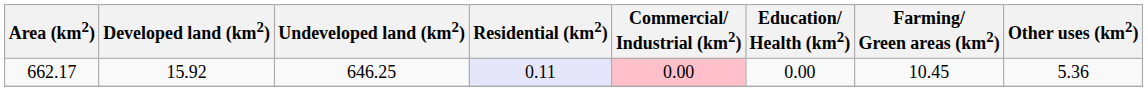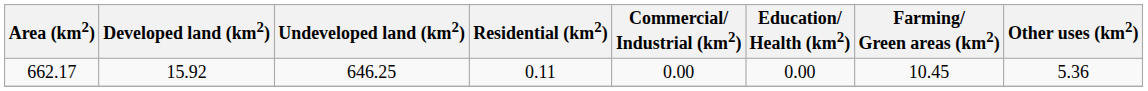 <table class="wikitable" style="text-align: center;">
 <tr>
 <th>Area (km<sup>2</sup>)</th>
 <th>Developed land (km<sup>2</sup>)</th>
 <th>Undeveloped land (km<sup>2</sup>)</th>
 <th>Residential (km<sup>2</sup>)</th>
 <th>Commercial/<br> Industrial (km<sup>2</sup>)</th>
 <th>Education/<br> Health (km<sup>2</sup>)</th>
 <th>Farming/<br> Green areas (km<sup>2</sup>)</th>
 <th>Other uses (km<sup>2</sup>)</th>
 </tr>
 <tr>
 <td>662.17</td>
 <td>15.92</td>
 <td>646.25</td>
-<td style="background: lavender;">0.11</td>
-<td style="background: pink;">0.00</td>
+<td>0.11</td>
+<td>0.00</td>
 <td>0.00</td>
 <td>10.45</td>
 <td>5.36</td>
 </tr>
 <tr>
 </tr>
 </table>
